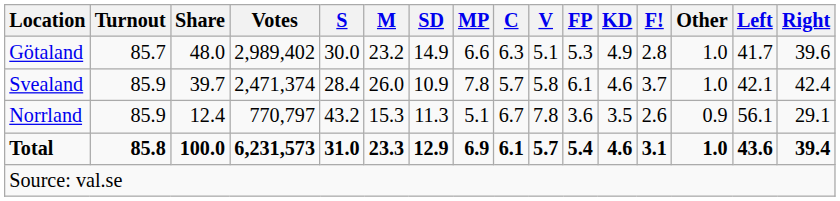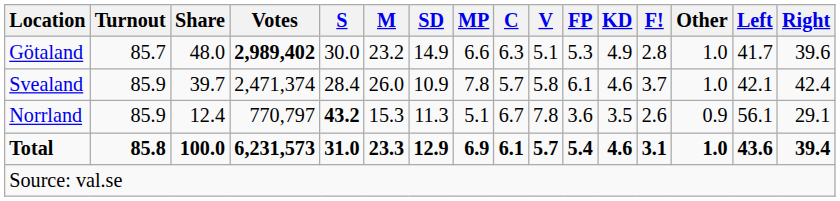 <table class="wikitable sortable" style=text-align:right>
 <tr>
 <th>Location</th>
 <th>Turnout</th>
 <th>Share</th>
 <th>Votes</th>
 <th><a href='#'>S</a></th>
 <th><a href='#'>M</a></th>
 <th><a href='#'>SD</a></th>
 <th><a href='#'>MP</a></th>
 <th><a href='#'>C</a></th>
 <th><a href='#'>V</a></th>
 <th><a href='#'>FP</a></th>
 <th><a href='#'>KD</a></th>
 <th><a href='#'>F!</a></th>
 <th>Other</th>
 <th><a href='#'>Left</a></th>
 <th><a href='#'>Right</a></th>
 </tr>
 <tr>
 <td align=left><a href='#'>Götaland</a></td>
 <td>85.7</td>
 <td>48.0</td>
-<td>2,989,402</td>
+<td><strong>2,989,402</strong></td>
 <td>30.0</td>
 <td>23.2</td>
 <td>14.9</td>
 <td>6.6</td>
 <td>6.3</td>
 <td>5.1</td>
 <td>5.3</td>
 <td>4.9</td>
 <td>2.8</td>
 <td>1.0</td>
 <td>41.7</td>
 <td>39.6</td>
 </tr>
 <tr>
 <td align=left><a href='#'>Svealand</a></td>
 <td>85.9</td>
 <td>39.7</td>
 <td>2,471,374</td>
 <td>28.4</td>
 <td>26.0</td>
 <td>10.9</td>
 <td>7.8</td>
 <td>5.7</td>
 <td>5.8</td>
 <td>6.1</td>
 <td>4.6</td>
 <td>3.7</td>
 <td>1.0</td>
 <td>42.1</td>
 <td>42.4</td>
 </tr>
 <tr>
 <td align=left><a href='#'>Norrland</a></td>
 <td>85.9</td>
 <td>12.4</td>
 <td>770,797</td>
-<td>43.2</td>
+<td><strong>43.2</strong></td>
 <td>15.3</td>
 <td>11.3</td>
 <td>5.1</td>
 <td>6.7</td>
 <td>7.8</td>
 <td>3.6</td>
 <td>3.5</td>
 <td>2.6</td>
 <td>0.9</td>
 <td>56.1</td>
 <td>29.1</td>
 </tr>
 <tr>
 <td align=left><strong>Total</strong></td>
 <td><strong>85.8</strong></td>
 <td><strong>100.0</strong></td>
 <td><strong>6,231,573</strong></td>
 <td><strong>31.0</strong></td>
 <td><strong>23.3</strong></td>
 <td><strong>12.9</strong></td>
 <td><strong>6.9</strong></td>
 <td><strong>6.1</strong></td>
 <td><strong>5.7</strong></td>
 <td><strong>5.4</strong></td>
 <td><strong>4.6</strong></td>
 <td><strong>3.1</strong></td>
 <td><strong>1.0</strong></td>
 <td><strong>43.6</strong></td>
 <td><strong>39.4</strong></td>
 </tr>
 <tr>
 <td align=left colspan=16>Source: val.se </td>
 </tr>
 </table>
